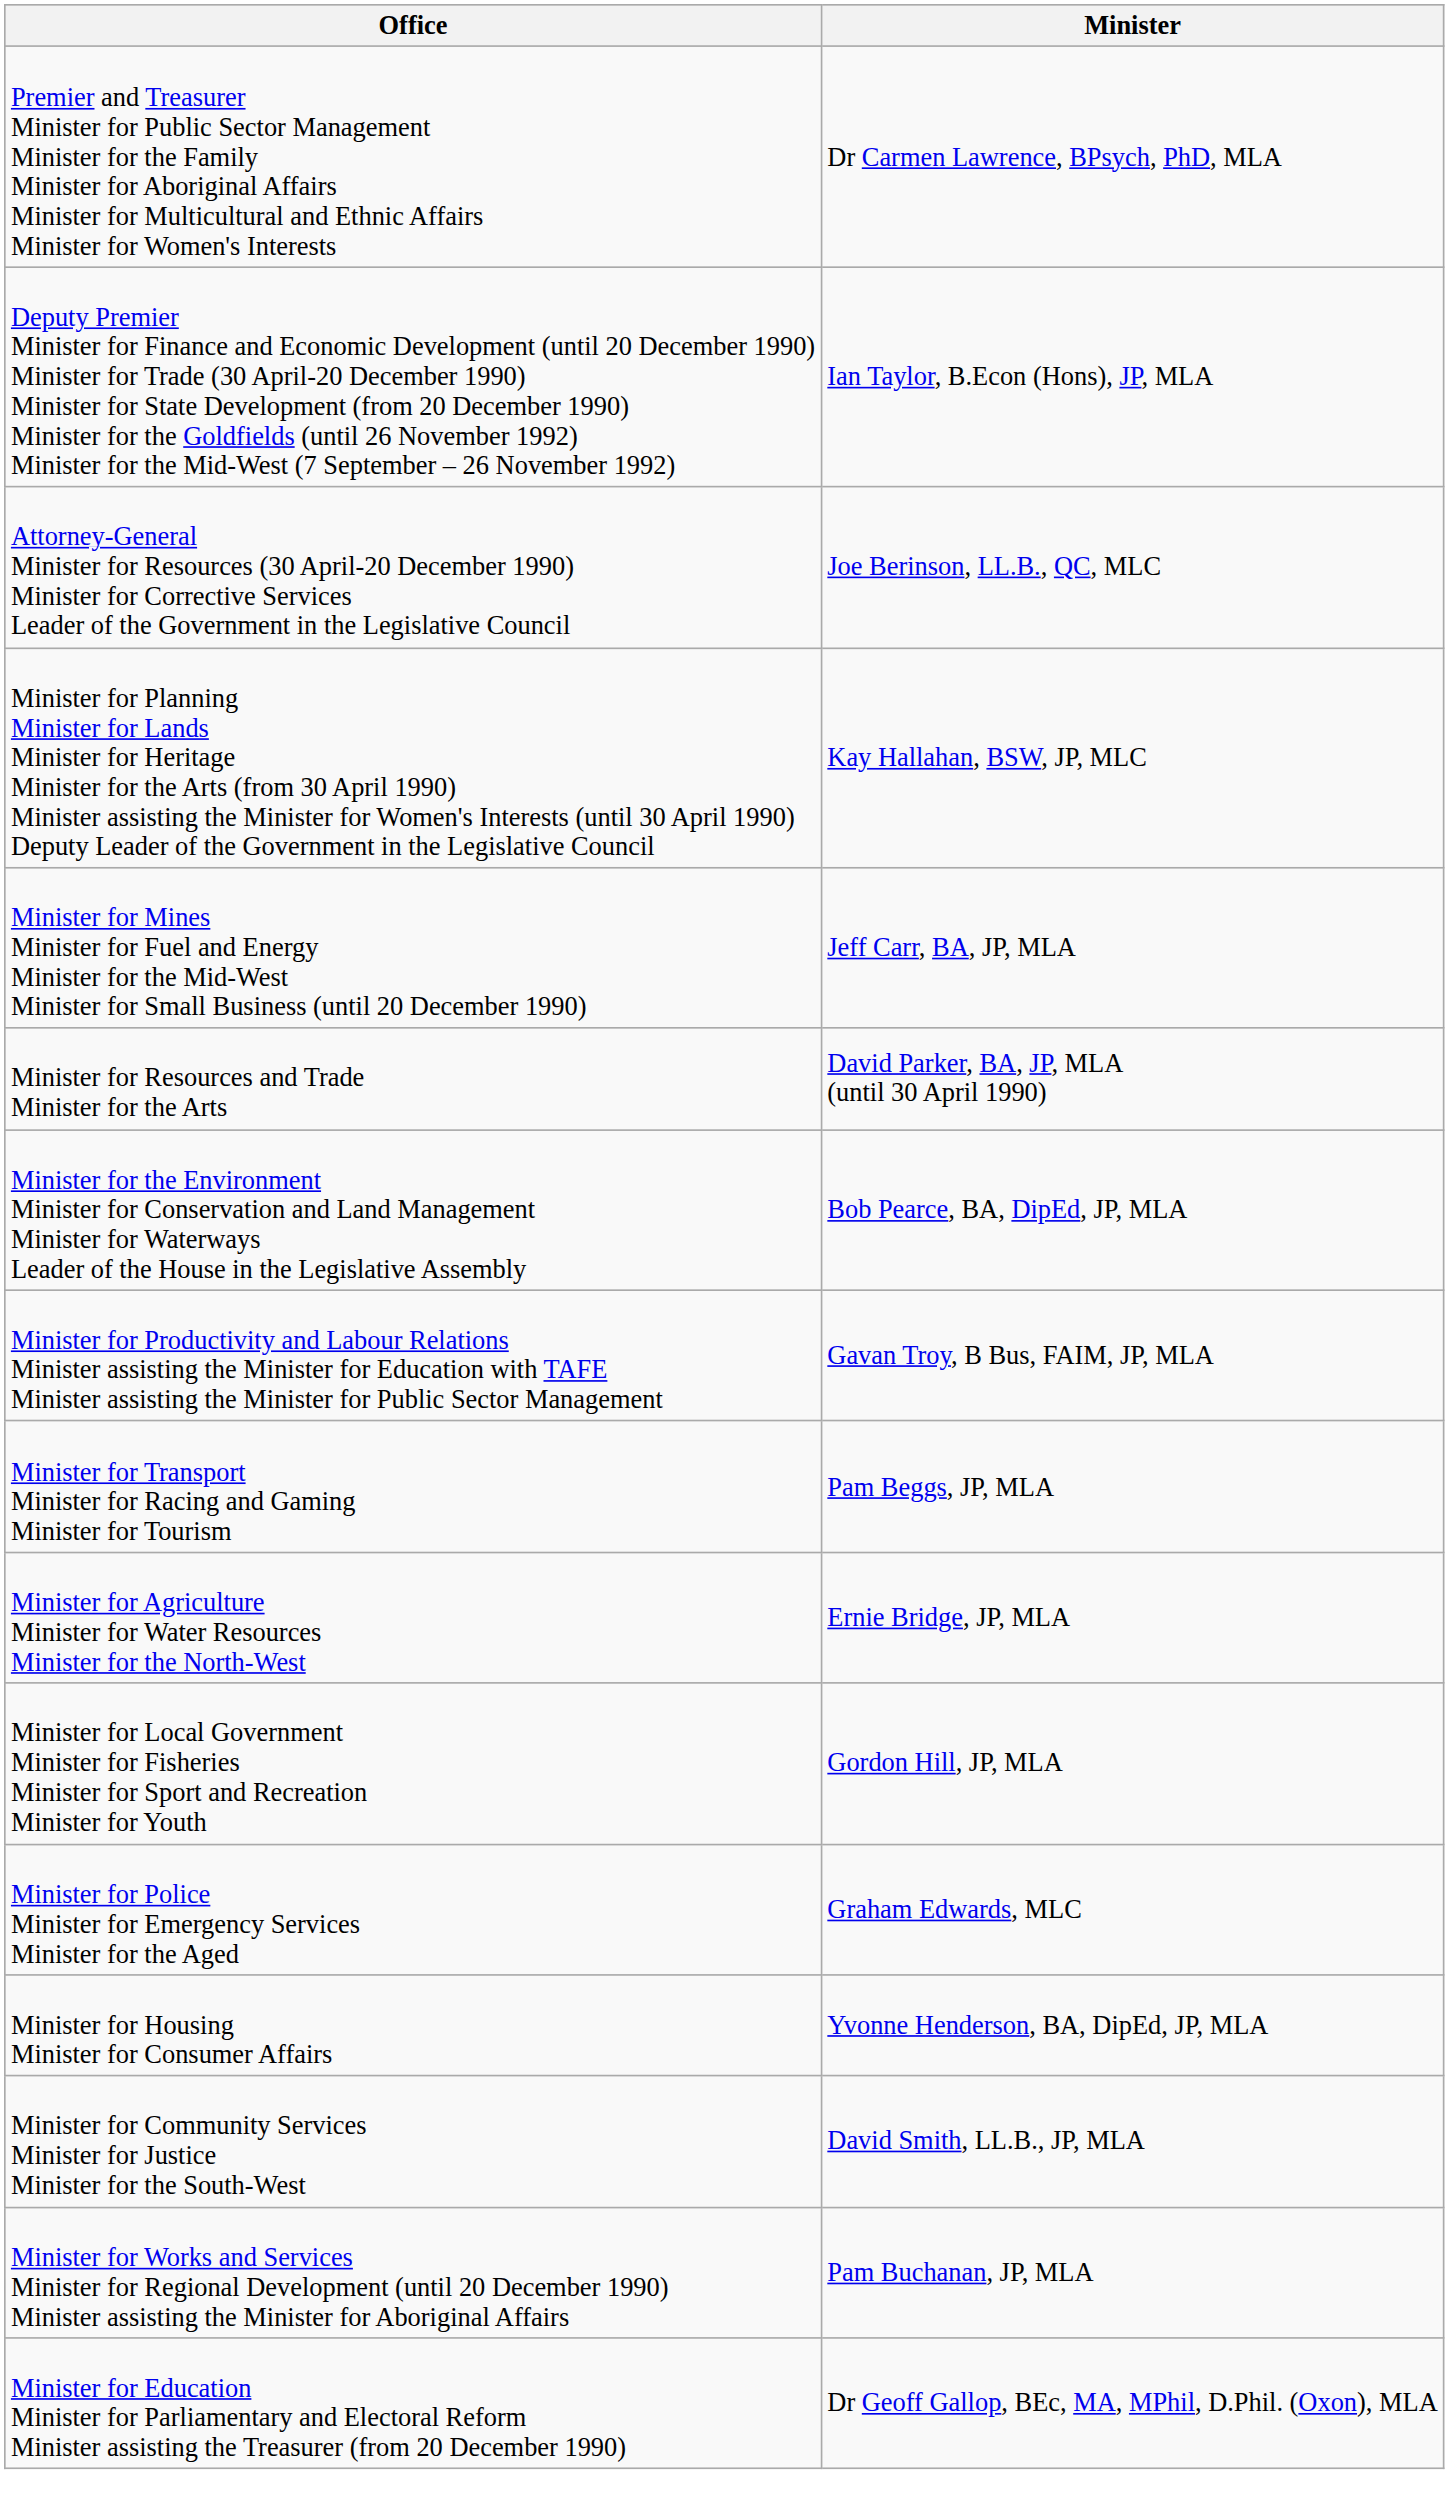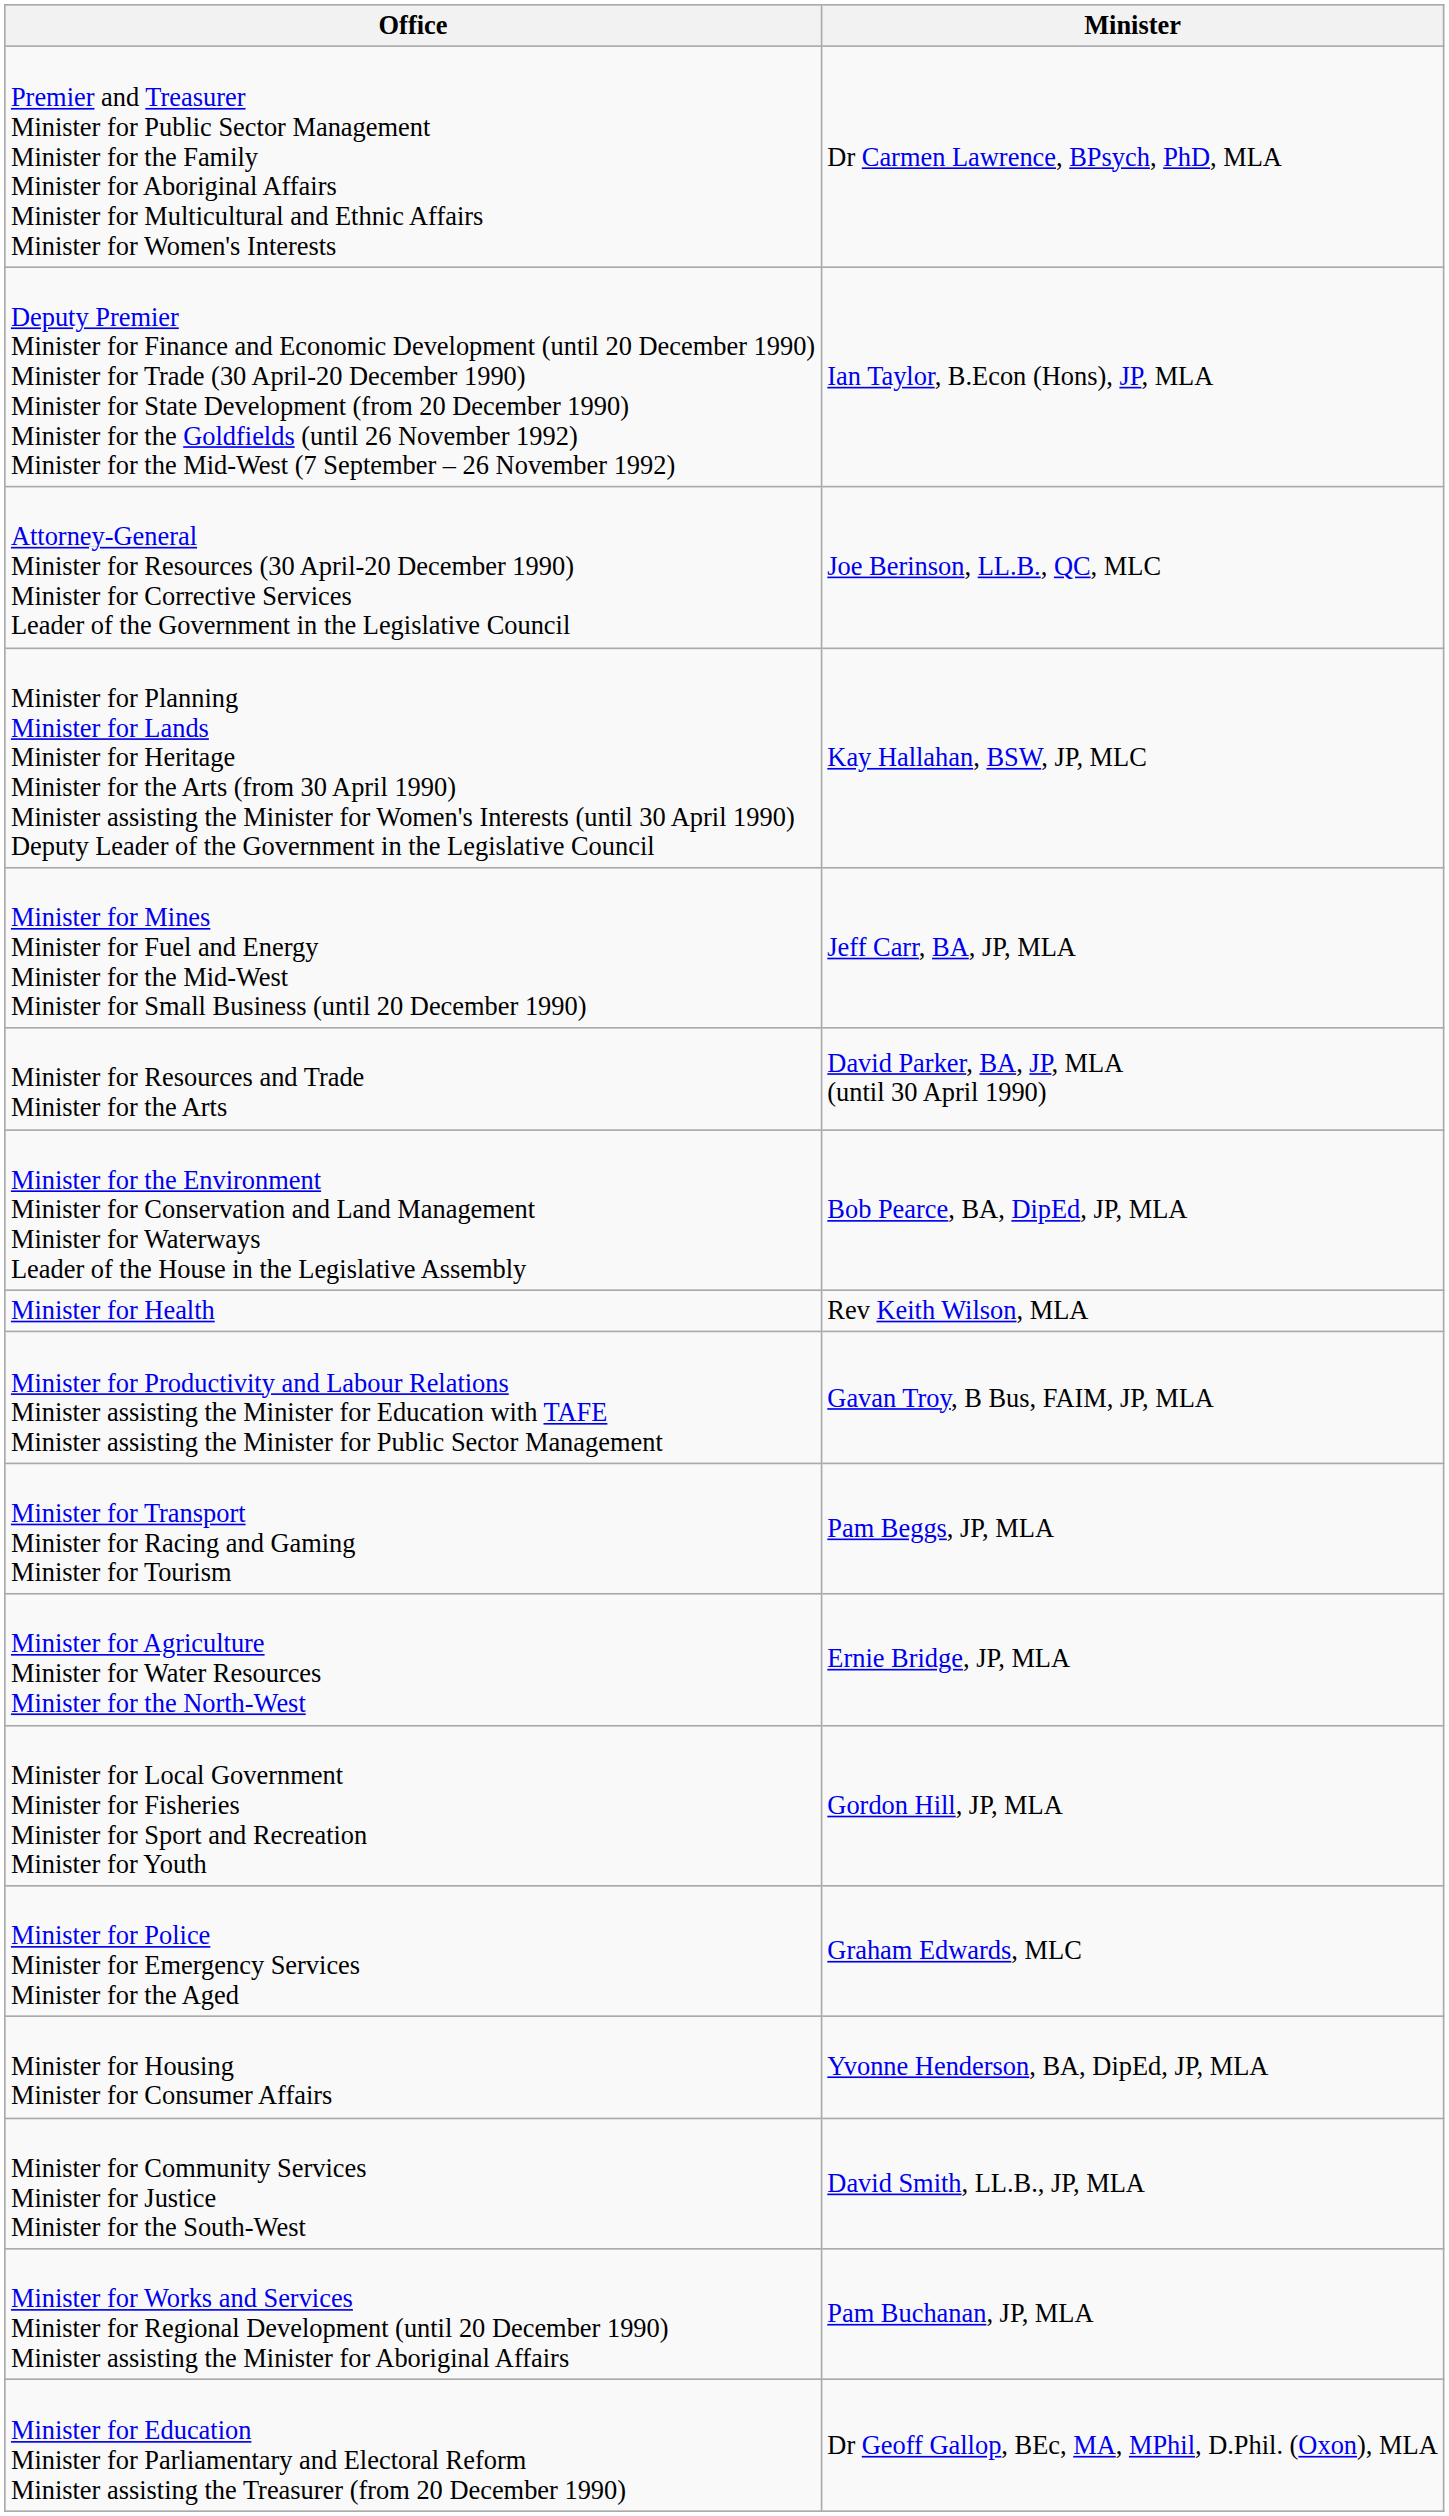 <table class="wikitable">
 <tr>
 <th>Office</th>
 <th>Minister</th>
 </tr>
 <tr>
 <td><br><a href='#'>Premier</a> and <a href='#'>Treasurer</a><br> Minister for Public Sector Management<br> Minister for the Family<br> Minister for Aboriginal Affairs<br> Minister for Multicultural and Ethnic Affairs<br> Minister for Women's Interests</td>
 <td>Dr <a href='#'>Carmen Lawrence</a>, <a href='#'>BPsych</a>, <a href='#'>PhD</a>, MLA</td>
 </tr>
 <tr>
 <td><br><a href='#'>Deputy Premier</a><br> Minister for Finance and Economic Development (until 20 December 1990)<br> Minister for Trade (30 April-20 December 1990)<br> Minister for State Development (from 20 December 1990)<br> Minister for the <a href='#'>Goldfields</a> (until 26 November 1992)<br> Minister for the Mid-West (7 September – 26 November 1992)</td>
 <td><a href='#'>Ian Taylor</a>, B.Econ (Hons), <a href='#'>JP</a>, MLA</td>
 </tr>
 <tr>
 <td><br><a href='#'>Attorney-General</a><br> Minister for Resources (30 April-20 December 1990)<br> Minister for Corrective Services<br> Leader of the Government in the Legislative Council</td>
 <td><a href='#'>Joe Berinson</a>, <a href='#'>LL.B.</a>, <a href='#'>QC</a>, MLC</td>
 </tr>
 <tr>
 <td><br>Minister for Planning<br> <a href='#'>Minister for Lands</a><br> Minister for Heritage<br> Minister for the Arts (from 30 April 1990)<br> Minister assisting the Minister for Women's Interests (until 30 April 1990)<br> Deputy Leader of the Government in the Legislative Council</td>
 <td><a href='#'>Kay Hallahan</a>, <a href='#'>BSW</a>, JP, MLC</td>
 </tr>
 <tr>
 <td><br><a href='#'>Minister for Mines</a><br> Minister for Fuel and Energy<br> Minister for the Mid-West<br> Minister for Small Business (until 20 December 1990)</td>
 <td><a href='#'>Jeff Carr</a>, <a href='#'>BA</a>, JP, MLA</td>
 </tr>
 <tr>
 <td><br>Minister for Resources and Trade<br> Minister for the Arts</td>
 <td><a href='#'>David Parker</a>, <a href='#'>BA</a>, <a href='#'>JP</a>, MLA<br>(until 30 April 1990)</td>
 </tr>
 <tr>
 <td><br><a href='#'>Minister for the Environment</a><br> Minister for Conservation and Land Management<br> Minister for Waterways<br> Leader of the House in the Legislative Assembly</td>
 <td><a href='#'>Bob Pearce</a>, BA, <a href='#'>DipEd</a>, JP, MLA</td>
+</tr>
+<tr>
+<td><a href='#'>Minister for Health</a></td>
+<td>Rev <a href='#'>Keith Wilson</a>, MLA</td>
 </tr>
 <tr>
 <td><br><a href='#'>Minister for Productivity and Labour Relations</a><br> Minister assisting the Minister for Education with <a href='#'>TAFE</a><br> Minister assisting the Minister for Public Sector Management</td>
 <td><a href='#'>Gavan Troy</a>, B Bus, FAIM, JP, MLA</td>
 </tr>
 <tr>
 <td><br><a href='#'>Minister for Transport</a><br> Minister for Racing and Gaming<br> Minister for Tourism</td>
 <td><a href='#'>Pam Beggs</a>, JP, MLA</td>
 </tr>
 <tr>
 <td><br><a href='#'>Minister for Agriculture</a><br> Minister for Water Resources<br> <a href='#'>Minister for the North-West</a><br></td>
 <td><a href='#'>Ernie Bridge</a>, JP, MLA</td>
 </tr>
 <tr>
 <td><br>Minister for Local Government<br> Minister for Fisheries<br> Minister for Sport and Recreation<br> Minister for Youth</td>
 <td><a href='#'>Gordon Hill</a>, JP, MLA</td>
 </tr>
 <tr>
 <td><br><a href='#'>Minister for Police</a><br> Minister for Emergency Services<br> Minister for the Aged</td>
 <td><a href='#'>Graham Edwards</a>, MLC</td>
 </tr>
 <tr>
 <td><br>Minister for Housing<br> Minister for Consumer Affairs</td>
 <td><a href='#'>Yvonne Henderson</a>, BA, DipEd, JP, MLA</td>
 </tr>
 <tr>
 <td><br>Minister for Community Services<br> Minister for Justice<br> Minister for the South-West</td>
 <td><a href='#'>David Smith</a>, LL.B., JP, MLA</td>
 </tr>
 <tr>
 <td><br><a href='#'>Minister for Works and Services</a><br> Minister for Regional Development (until 20 December 1990)<br> Minister assisting the Minister for Aboriginal Affairs</td>
 <td><a href='#'>Pam Buchanan</a>, JP, MLA</td>
 </tr>
 <tr>
 <td><br><a href='#'>Minister for Education</a><br> Minister for Parliamentary and Electoral Reform<br> Minister assisting the Treasurer (from 20 December 1990)</td>
 <td>Dr <a href='#'>Geoff Gallop</a>, BEc, <a href='#'>MA</a>, <a href='#'>MPhil</a>, D.Phil. (<a href='#'>Oxon</a>), MLA</td>
 </tr>
 </table>
